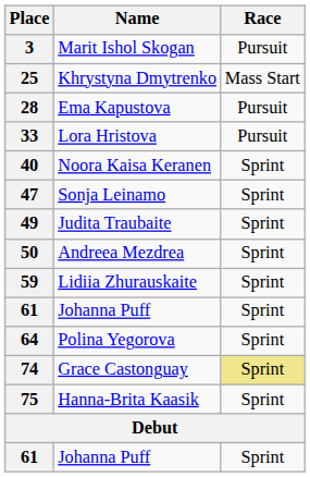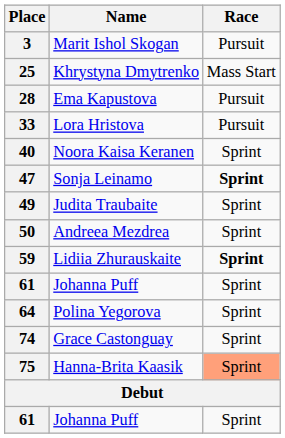 <table class="wikitable plainrowheaders" style="font-size:80%; text-align:center; display:inline-table;">
 <tr>
 <th>Place</th>
 <th>Name</th>
 <th>Race</th>
 </tr>
 <tr>
 <th>3</th>
 <td style="text-align:left"> <a href='#'>Marit Ishol Skogan</a></td>
 <td>Pursuit</td>
 </tr>
 <tr>
 <th>25</th>
 <td style="text-align:left"> <a href='#'>Khrystyna Dmytrenko</a></td>
 <td>Mass Start</td>
 </tr>
 <tr>
 <th>28</th>
 <td style="text-align:left"> <a href='#'>Ema Kapustova</a></td>
 <td>Pursuit</td>
 </tr>
 <tr>
 <th>33</th>
 <td style="text-align:left"> <a href='#'>Lora Hristova</a></td>
 <td>Pursuit</td>
 </tr>
 <tr>
 <th>40</th>
 <td style="text-align:left"> <a href='#'>Noora Kaisa Keranen</a></td>
 <td>Sprint</td>
 </tr>
 <tr>
 <th>47</th>
 <td style="text-align:left"> <a href='#'>Sonja Leinamo</a></td>
-<td>Sprint</td>
+<td><strong>Sprint</strong></td>
 </tr>
 <tr>
 <th>49</th>
 <td style="text-align:left"> <a href='#'>Judita Traubaite</a></td>
 <td>Sprint</td>
 </tr>
 <tr>
 <th>50</th>
 <td style="text-align:left"> <a href='#'>Andreea Mezdrea</a></td>
 <td>Sprint</td>
 </tr>
 <tr>
 <th>59</th>
 <td style="text-align:left"> <a href='#'>Lidiia Zhurauskaite</a></td>
-<td>Sprint</td>
+<td><strong>Sprint</strong></td>
 </tr>
 <tr>
 <th>61</th>
 <td style="text-align:left"> <a href='#'>Johanna Puff</a></td>
 <td>Sprint</td>
 </tr>
 <tr>
 <th>64</th>
 <td style="text-align:left"> <a href='#'>Polina Yegorova</a></td>
 <td>Sprint</td>
 </tr>
 <tr>
 <th>74</th>
 <td style="text-align:left"> <a href='#'>Grace Castonguay</a></td>
-<td style="background: khaki;">Sprint</td>
+<td>Sprint</td>
 </tr>
 <tr>
 <th>75</th>
 <td style="text-align:left"> <a href='#'>Hanna-Brita Kaasik</a></td>
-<td>Sprint</td>
+<td style="background: lightsalmon;">Sprint</td>
 </tr>
 <tr>
 <th colspan=4>Debut</th>
 </tr>
 <tr>
 <th>61</th>
 <td style="text-align:left"> <a href='#'>Johanna Puff</a></td>
 <td>Sprint</td>
 </tr>
 </table>
